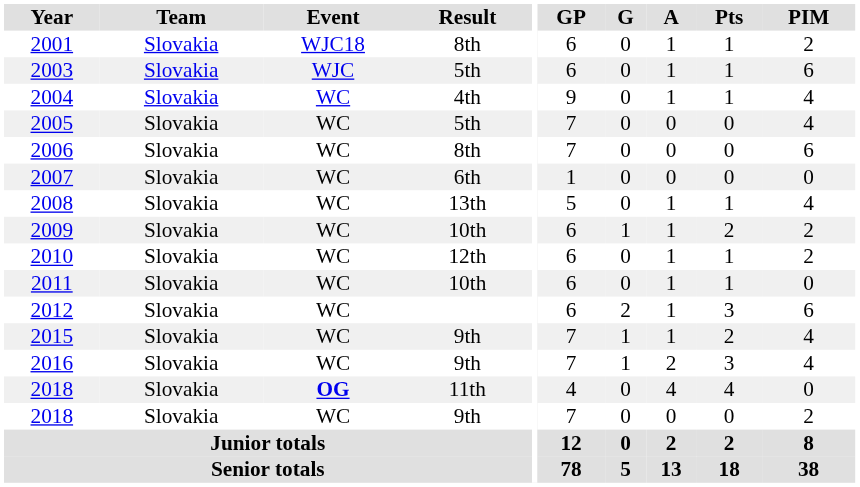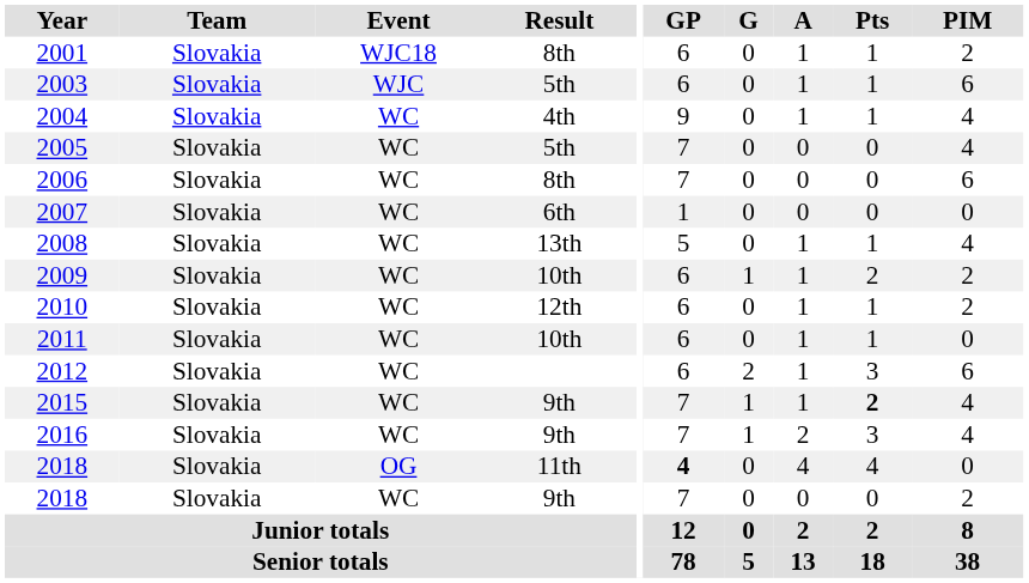 <table border="0" cellpadding="1" cellspacing="0" ID="Table3" style="text-align:center; width:40em">
 <tr ALIGN="center" bgcolor="#e0e0e0">
 <th>Year</th>
 <th>Team</th>
 <th>Event</th>
 <th>Result</th>
 <th rowspan="99" bgcolor="#ffffff"></th>
 <th>GP</th>
 <th>G</th>
 <th>A</th>
 <th>Pts</th>
 <th>PIM</th>
 </tr>
 <tr>
 <td><a href='#'>2001</a></td>
 <td><a href='#'>Slovakia</a></td>
 <td><a href='#'>WJC18</a></td>
 <td>8th</td>
 <td>6</td>
 <td>0</td>
 <td>1</td>
 <td>1</td>
 <td>2</td>
 </tr>
 <tr bgcolor="#f0f0f0">
 <td><a href='#'>2003</a></td>
 <td><a href='#'>Slovakia</a></td>
 <td><a href='#'>WJC</a></td>
 <td>5th</td>
 <td>6</td>
 <td>0</td>
 <td>1</td>
 <td>1</td>
 <td>6</td>
 </tr>
 <tr>
 <td><a href='#'>2004</a></td>
 <td><a href='#'>Slovakia</a></td>
 <td><a href='#'>WC</a></td>
 <td>4th</td>
 <td>9</td>
 <td>0</td>
 <td>1</td>
 <td>1</td>
 <td>4</td>
 </tr>
 <tr bgcolor="#f0f0f0">
 <td><a href='#'>2005</a></td>
 <td>Slovakia</td>
 <td>WC</td>
 <td>5th</td>
 <td>7</td>
 <td>0</td>
 <td>0</td>
 <td>0</td>
 <td>4</td>
 </tr>
 <tr>
 <td><a href='#'>2006</a></td>
 <td>Slovakia</td>
 <td>WC</td>
 <td>8th</td>
 <td>7</td>
 <td>0</td>
 <td>0</td>
 <td>0</td>
 <td>6</td>
 </tr>
 <tr bgcolor="#f0f0f0">
 <td><a href='#'>2007</a></td>
 <td>Slovakia</td>
 <td>WC</td>
 <td>6th</td>
 <td>1</td>
 <td>0</td>
 <td>0</td>
 <td>0</td>
 <td>0</td>
 </tr>
 <tr>
 <td><a href='#'>2008</a></td>
 <td>Slovakia</td>
 <td>WC</td>
 <td>13th</td>
 <td>5</td>
 <td>0</td>
 <td>1</td>
 <td>1</td>
 <td>4</td>
 </tr>
 <tr bgcolor="#f0f0f0">
 <td><a href='#'>2009</a></td>
 <td>Slovakia</td>
 <td>WC</td>
 <td>10th</td>
 <td>6</td>
 <td>1</td>
 <td>1</td>
 <td>2</td>
 <td>2</td>
 </tr>
 <tr>
 <td><a href='#'>2010</a></td>
 <td>Slovakia</td>
 <td>WC</td>
 <td>12th</td>
 <td>6</td>
 <td>0</td>
 <td>1</td>
 <td>1</td>
 <td>2</td>
 </tr>
 <tr bgcolor="#f0f0f0">
 <td><a href='#'>2011</a></td>
 <td>Slovakia</td>
 <td>WC</td>
 <td>10th</td>
 <td>6</td>
 <td>0</td>
 <td>1</td>
 <td>1</td>
 <td>0</td>
 </tr>
 <tr>
 <td><a href='#'>2012</a></td>
 <td>Slovakia</td>
 <td>WC</td>
 <td></td>
 <td>6</td>
 <td>2</td>
 <td>1</td>
 <td>3</td>
 <td>6</td>
 </tr>
 <tr bgcolor="#f0f0f0">
 <td><a href='#'>2015</a></td>
 <td>Slovakia</td>
 <td>WC</td>
 <td>9th</td>
 <td>7</td>
 <td>1</td>
 <td>1</td>
-<td>2</td>
+<td><strong>2</strong></td>
 <td>4</td>
 </tr>
 <tr>
 <td><a href='#'>2016</a></td>
 <td>Slovakia</td>
 <td>WC</td>
 <td>9th</td>
 <td>7</td>
 <td>1</td>
 <td>2</td>
 <td>3</td>
 <td>4</td>
 </tr>
 <tr bgcolor="#f0f0f0">
 <td><a href='#'>2018</a></td>
 <td>Slovakia</td>
-<td><strong><a href='#'>OG</a></strong></td>
+<td><a href='#'>OG</a></td>
 <td>11th</td>
-<td>4</td>
+<td><strong>4</strong></td>
 <td>0</td>
 <td>4</td>
 <td>4</td>
 <td>0</td>
 </tr>
 <tr>
 <td><a href='#'>2018</a></td>
 <td>Slovakia</td>
 <td>WC</td>
 <td>9th</td>
 <td>7</td>
 <td>0</td>
 <td>0</td>
 <td>0</td>
 <td>2</td>
 </tr>
 <tr bgcolor="#e0e0e0">
 <th colspan=4>Junior totals</th>
 <th>12</th>
 <th>0</th>
 <th>2</th>
 <th>2</th>
 <th>8</th>
 </tr>
 <tr bgcolor="#e0e0e0">
 <th colspan=4>Senior totals</th>
 <th>78</th>
 <th>5</th>
 <th>13</th>
 <th>18</th>
 <th>38</th>
 </tr>
 </table>
